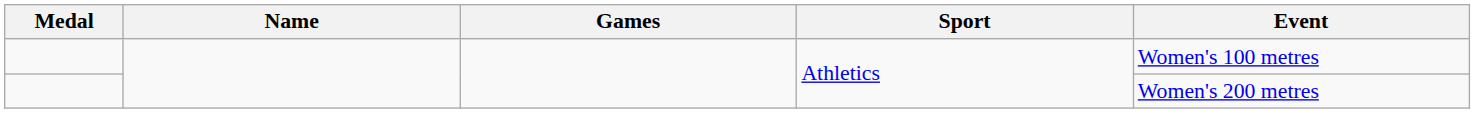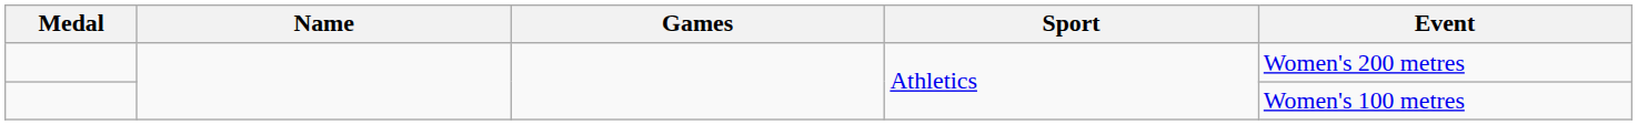 <table class="wikitable sortable">
 <tr>
 <th style="width:5em">Medal</th>
 <th style="width:15em">Name</th>
 <th style="width:15em">Games</th>
 <th style="width:15em">Sport</th>
 <th style="width:15em">Event</th>
 </tr>
 <tr>
 <td></td>
 <td rowspan="2"></td>
 <td rowspan="2"></td>
 <td rowspan="2"> <a href='#'>Athletics</a></td>
-<td><a href='#'>Women's 100 metres</a></td>
+<td><a href='#'>Women's 200 metres</a></td>
 </tr>
 <tr>
 <td></td>
-<td><a href='#'>Women's 200 metres</a></td>
+<td><a href='#'>Women's 100 metres</a></td>
 </tr>
 </table>
